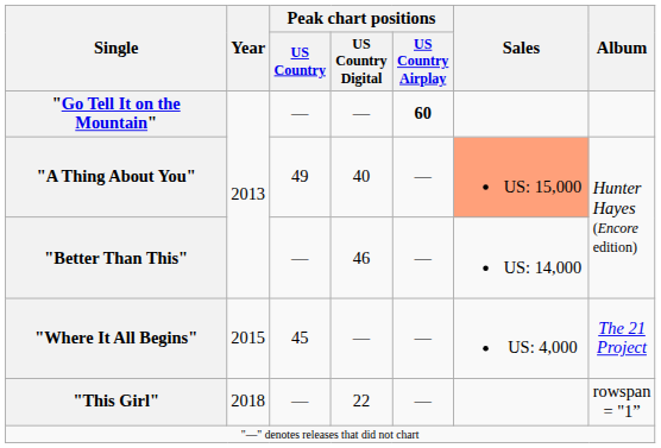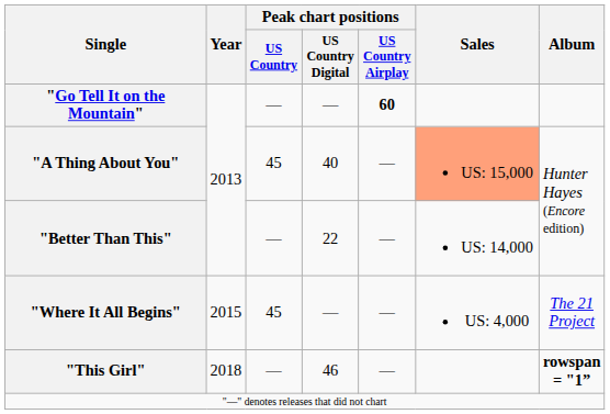 <table class="wikitable plainrowheaders" style="text-align:center;">
 <tr>
 <th rowspan="2" style="width:18em;">Single</th>
 <th rowspan="2">Year</th>
 <th colspan="3">Peak chart positions</th>
 <th rowspan="2" style="width:9em;">Sales</th>
 <th rowspan="2">Album</th>
 </tr>
 <tr style="font-size:smaller;">
 <th style="width:4em;"><a href='#'>US Country</a><br></th>
 <th style="width:4em;">US Country Digital<br></th>
 <th style="width:4em;"><a href='#'>US Country Airplay</a><br></th>
 </tr>
 <tr>
 <th scope="row">"<a href='#'>Go Tell It on the Mountain</a>"</th>
 <td rowspan="3">2013</td>
 <td>—</td>
 <td>—</td>
 <td><strong>60</strong></td>
 <td></td>
 <td></td>
 </tr>
 <tr>
 <th scope="row">"A Thing About You"</th>
-<td>49</td>
+<td>45</td>
 <td>40</td>
 <td>—</td>
 <td style="background: lightsalmon;"><br><ul><li>US: 15,000</li></ul></td>
 <td rowspan="2" style="text-align:left"><em>Hunter Hayes</em><br><small>(<em>Encore</em> edition)</small></td>
 </tr>
 <tr>
 <th scope="row">"Better Than This"</th>
 <td>—</td>
-<td>46</td>
+<td>22</td>
 <td>—</td>
 <td><br><ul><li>US: 14,000</li></ul></td>
 </tr>
 <tr>
 <th scope = "row">"Where It All Begins"<br></th>
 <td rowspan="1”">2015</td>
 <td>45</td>
 <td>—</td>
 <td>—</td>
 <td><br><ul><li>US: 4,000</li></ul></td>
 <td rowspan="1”"><em><a href='#'>The 21 Project</a></em></td>
 </tr>
 <tr>
 <th scope = "row">"This Girl"</th>
 <td rowspan="1”">2018</td>
 <td>—</td>
-<td>22</td>
+<td>46</td>
 <td>—</td>
 <td></td>
-<td>rowspan = "1” </td>
+<td><strong>rowspan = "1” </strong></td>
 </tr>
 <tr>
 <td colspan="8" style="font-size:8pt">"—" denotes releases that did not chart</td>
 </tr>
 </table>
